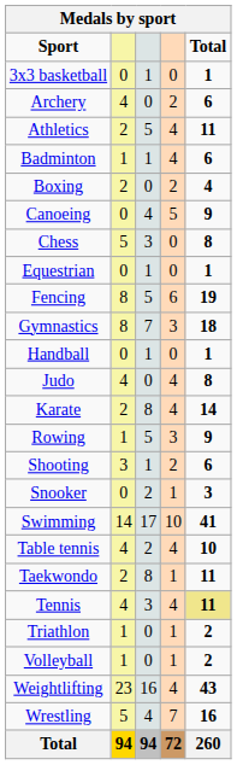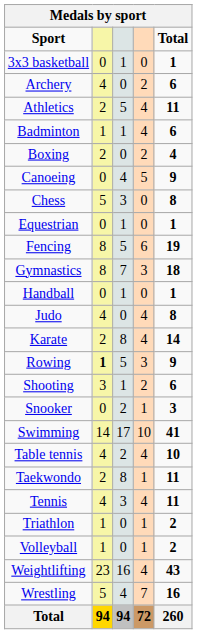 <table class="wikitable" style="font-size:85%; text-align:center;">
 <tr style="background:#efefef;">
 <th colspan=5><strong>Medals by sport</strong></th>
 </tr>
 <tr>
 <td><strong>Sport</strong></td>
 <td style="background:#f7f6a8;"></td>
 <td style="background:#dce5e5;"></td>
 <td style="background:#ffdab9;"></td>
 <td><strong>Total</strong></td>
 </tr>
 <tr>
 <td><a href='#'>3x3 basketball</a></td>
 <td style="background:#F7F6A8;">0</td>
 <td style="background:#DCE5E5;">1</td>
 <td style="background:#FFDAB9;">0</td>
 <td><strong>1</strong></td>
 </tr>
 <tr>
 <td><a href='#'>Archery</a></td>
 <td style="background:#F7F6A8;">4</td>
 <td style="background:#DCE5E5;">0</td>
 <td style="background:#FFDAB9;">2</td>
 <td><strong>6</strong></td>
 </tr>
 <tr>
 <td><a href='#'>Athletics</a></td>
 <td style="background:#F7F6A8;">2</td>
 <td style="background:#DCE5E5;">5</td>
 <td style="background:#FFDAB9;">4</td>
 <td><strong>11</strong></td>
 </tr>
 <tr>
 <td><a href='#'>Badminton</a></td>
 <td style="background:#F7F6A8;">1</td>
 <td style="background:#DCE5E5;">1</td>
 <td style="background:#FFDAB9;">4</td>
 <td><strong>6</strong></td>
 </tr>
 <tr>
 <td><a href='#'>Boxing</a></td>
 <td style="background:#F7F6A8;">2</td>
 <td style="background:#DCE5E5;">0</td>
 <td style="background:#FFDAB9;">2</td>
 <td><strong>4</strong></td>
 </tr>
 <tr>
 <td><a href='#'>Canoeing</a></td>
 <td style="background:#F7F6A8;">0</td>
 <td style="background:#DCE5E5;">4</td>
 <td style="background:#FFDAB9;">5</td>
 <td><strong>9</strong></td>
 </tr>
 <tr>
 <td><a href='#'>Chess</a></td>
 <td style="background:#F7F6A8;">5</td>
 <td style="background:#DCE5E5;">3</td>
 <td style="background:#FFDAB9;">0</td>
 <td><strong>8</strong></td>
 </tr>
 <tr>
 <td><a href='#'>Equestrian</a></td>
 <td style="background:#F7F6A8;">0</td>
 <td style="background:#DCE5E5;">1</td>
 <td style="background:#FFDAB9;">0</td>
 <td><strong>1</strong></td>
 </tr>
 <tr>
 <td><a href='#'>Fencing</a></td>
 <td style="background:#F7F6A8;">8</td>
 <td style="background:#DCE5E5;">5</td>
 <td style="background:#FFDAB9;">6</td>
 <td><strong>19</strong></td>
 </tr>
 <tr>
 <td><a href='#'>Gymnastics</a></td>
 <td style="background:#F7F6A8;">8</td>
 <td style="background:#DCE5E5;">7</td>
 <td style="background:#FFDAB9;">3</td>
 <td><strong>18</strong></td>
 </tr>
 <tr>
 <td><a href='#'>Handball</a></td>
 <td style="background:#F7F6A8;">0</td>
 <td style="background:#DCE5E5;">1</td>
 <td style="background:#FFDAB9;">0</td>
 <td><strong>1</strong></td>
 </tr>
 <tr>
 <td><a href='#'>Judo</a></td>
 <td style="background:#F7F6A8;">4</td>
 <td style="background:#DCE5E5;">0</td>
 <td style="background:#FFDAB9;">4</td>
 <td><strong>8</strong></td>
 </tr>
 <tr>
 <td><a href='#'>Karate</a></td>
 <td style="background:#F7F6A8;">2</td>
 <td style="background:#DCE5E5;">8</td>
 <td style="background:#FFDAB9;">4</td>
 <td><strong>14</strong></td>
 </tr>
 <tr>
 <td><a href='#'>Rowing</a></td>
-<td style="background:#F7F6A8;">1</td>
+<td style="background:#F7F6A8;"><strong>1</strong></td>
 <td style="background:#DCE5E5;">5</td>
 <td style="background:#FFDAB9;">3</td>
 <td><strong>9</strong></td>
 </tr>
 <tr>
 <td><a href='#'>Shooting</a></td>
 <td style="background:#F7F6A8;">3</td>
 <td style="background:#DCE5E5;">1</td>
 <td style="background:#FFDAB9;">2</td>
 <td><strong>6</strong></td>
 </tr>
 <tr>
 <td><a href='#'>Snooker</a></td>
 <td style="background:#F7F6A8;">0</td>
 <td style="background:#DCE5E5;">2</td>
 <td style="background:#FFDAB9;">1</td>
 <td><strong>3</strong></td>
 </tr>
 <tr>
 <td><a href='#'>Swimming</a></td>
 <td style="background:#F7F6A8;">14</td>
 <td style="background:#DCE5E5;">17</td>
 <td style="background:#FFDAB9;">10</td>
 <td><strong>41</strong></td>
 </tr>
 <tr>
 <td><a href='#'>Table tennis</a></td>
 <td style="background:#F7F6A8;">4</td>
 <td style="background:#DCE5E5;">2</td>
 <td style="background:#FFDAB9;">4</td>
 <td><strong>10</strong></td>
 </tr>
 <tr>
 <td><a href='#'>Taekwondo</a></td>
 <td style="background:#F7F6A8;">2</td>
 <td style="background:#DCE5E5;">8</td>
 <td style="background:#FFDAB9;">1</td>
 <td><strong>11</strong></td>
 </tr>
 <tr>
 <td><a href='#'>Tennis</a></td>
 <td style="background:#F7F6A8;">4</td>
 <td style="background:#DCE5E5;">3</td>
 <td style="background:#FFDAB9;">4</td>
-<td style="background: khaki;"><strong>11</strong></td>
+<td><strong>11</strong></td>
 </tr>
 <tr>
 <td><a href='#'>Triathlon</a></td>
 <td style="background:#F7F6A8;">1</td>
 <td style="background:#DCE5E5;">0</td>
 <td style="background:#FFDAB9;">1</td>
 <td><strong>2</strong></td>
 </tr>
 <tr>
 <td><a href='#'>Volleyball</a></td>
 <td style="background:#F7F6A8;">1</td>
 <td style="background:#DCE5E5;">0</td>
 <td style="background:#FFDAB9;">1</td>
 <td><strong>2</strong></td>
 </tr>
 <tr>
 <td><a href='#'>Weightlifting</a></td>
 <td style="background:#F7F6A8;">23</td>
 <td style="background:#DCE5E5;">16</td>
 <td style="background:#FFDAB9;">4</td>
 <td><strong>43</strong></td>
 </tr>
 <tr>
 <td><a href='#'>Wrestling</a></td>
 <td style="background:#F7F6A8;">5</td>
 <td style="background:#DCE5E5;">4</td>
 <td style="background:#FFDAB9;">7</td>
 <td><strong>16</strong></td>
 </tr>
 <tr>
 <th>Total</th>
 <th style="background:gold;">94</th>
 <th style="background:silver;">94</th>
 <th style="background:#c96;">72</th>
 <th>260</th>
 </tr>
 </table>
